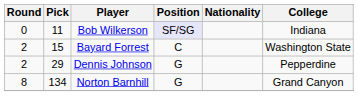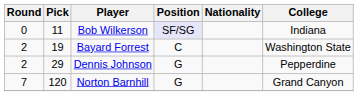 <table class="wikitable sortable">
 <tr>
 <th scope="col">Round</th>
 <th scope="col">Pick</th>
 <th scope="col">Player</th>
 <th scope="col">Position</th>
 <th scope="col">Nationality</th>
 <th scope="col">College</th>
 </tr>
 <tr style="text-align: center">
 <td>0</td>
 <td>11</td>
 <td><a href='#'>Bob Wilkerson</a></td>
 <td style="background: lavender;">SF/SG</td>
 <td></td>
 <td>Indiana</td>
 </tr>
 <tr style="text-align: center">
 <td>2</td>
-<td>15</td>
+<td>19</td>
 <td><a href='#'>Bayard Forrest</a></td>
 <td>C</td>
 <td></td>
 <td>Washington State</td>
 </tr>
 <tr style="text-align: center">
 <td>2</td>
 <td>29</td>
 <td><a href='#'>Dennis Johnson</a></td>
 <td>G</td>
 <td></td>
 <td>Pepperdine</td>
 </tr>
 <tr style="text-align: center">
-<td>8</td>
-<td>134</td>
+<td>7</td>
+<td>120</td>
 <td><a href='#'>Norton Barnhill</a></td>
 <td>G</td>
 <td></td>
 <td>Grand Canyon</td>
 </tr>
 <tr style="text-align: center">
 </tr>
 </table>
